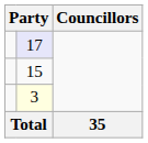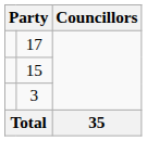 <table class="wikitable">
 <tr>
 <th colspan=2>Party</th>
 <th>Councillors</th>
 </tr>
 <tr>
 <td></td>
-<td align=center style="background: lavender;">17</td>
+<td align=center>17</td>
 </tr>
 <tr>
 <td></td>
 <td align=center>15</td>
 </tr>
 <tr>
 <td></td>
-<td align=center style="background: lightyellow;">3</td>
+<td align=center>3</td>
 </tr>
 <tr>
 <th colspan=2>Total</th>
 <th align=center>35</th>
 </tr>
 </table>
